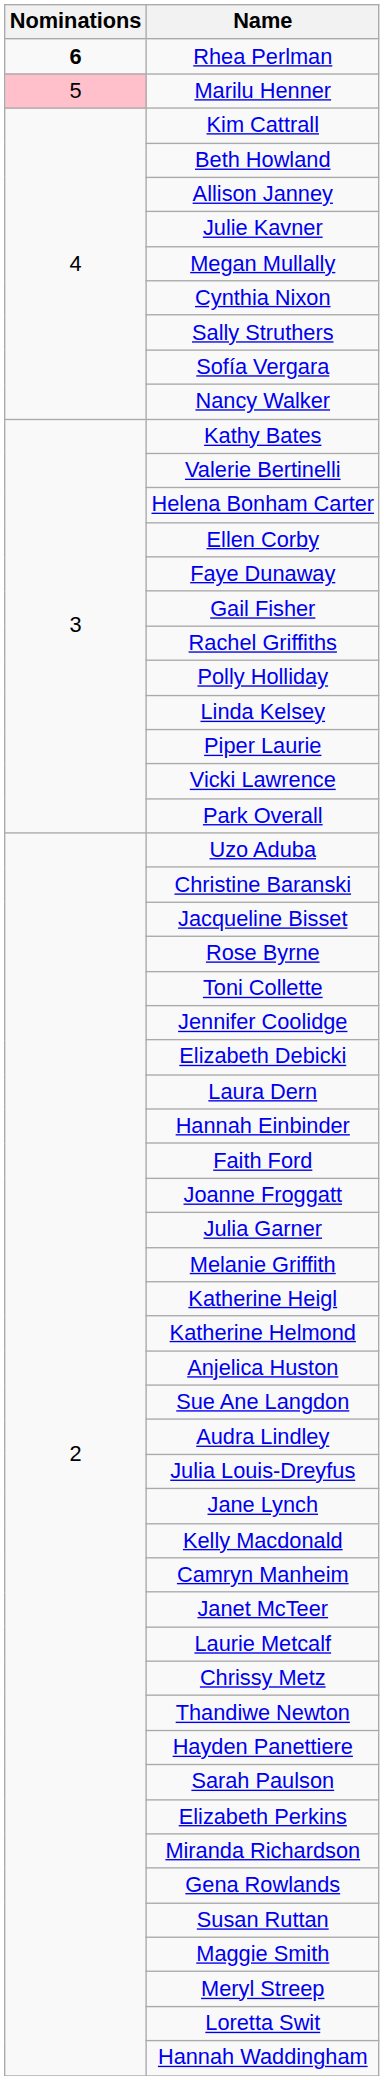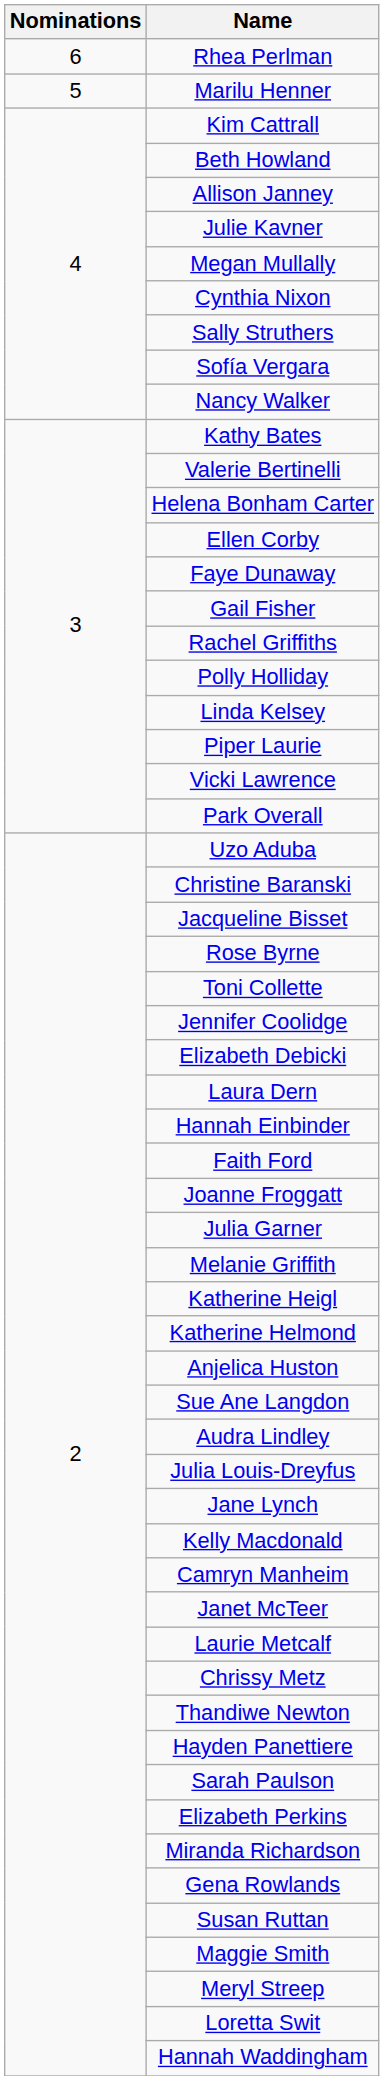 <table class="wikitable sortable" style="text-align: center;">
 <tr>
 <th scope="col" width="55">Nominations</th>
 <th scope="col" align="center">Name</th>
 </tr>
 <tr>
-<td><strong>6</strong></td>
+<td>6</td>
 <td><a href='#'>Rhea Perlman</a></td>
 </tr>
 <tr>
-<td style="background: pink;">5</td>
+<td>5</td>
 <td><a href='#'>Marilu Henner</a></td>
 </tr>
 <tr>
 <td rowspan="9">4</td>
 <td><a href='#'>Kim Cattrall</a></td>
 </tr>
 <tr>
 <td><a href='#'>Beth Howland</a></td>
 </tr>
 <tr>
 <td><a href='#'>Allison Janney</a></td>
 </tr>
 <tr>
 <td><a href='#'>Julie Kavner</a></td>
 </tr>
 <tr>
 <td><a href='#'>Megan Mullally</a></td>
 </tr>
 <tr>
 <td><a href='#'>Cynthia Nixon</a></td>
 </tr>
 <tr>
 <td><a href='#'>Sally Struthers</a></td>
 </tr>
 <tr>
 <td><a href='#'>Sofía Vergara</a></td>
 </tr>
 <tr>
 <td><a href='#'>Nancy Walker</a></td>
 </tr>
 <tr>
 <td rowspan="12">3</td>
 <td><a href='#'>Kathy Bates</a></td>
 </tr>
 <tr>
 <td><a href='#'>Valerie Bertinelli</a></td>
 </tr>
 <tr>
 <td><a href='#'>Helena Bonham Carter</a></td>
 </tr>
 <tr>
 <td><a href='#'>Ellen Corby</a></td>
 </tr>
 <tr>
 <td><a href='#'>Faye Dunaway</a></td>
 </tr>
 <tr>
 <td><a href='#'>Gail Fisher</a></td>
 </tr>
 <tr>
 <td><a href='#'>Rachel Griffiths</a></td>
 </tr>
 <tr>
 <td><a href='#'>Polly Holliday</a></td>
 </tr>
 <tr>
 <td><a href='#'>Linda Kelsey</a></td>
 </tr>
 <tr>
 <td><a href='#'>Piper Laurie</a></td>
 </tr>
 <tr>
 <td><a href='#'>Vicki Lawrence</a></td>
 </tr>
 <tr>
 <td><a href='#'>Park Overall</a></td>
 </tr>
 <tr>
 <td rowspan="36">2</td>
 <td><a href='#'>Uzo Aduba</a></td>
 </tr>
 <tr>
 <td><a href='#'>Christine Baranski</a></td>
 </tr>
 <tr>
 <td><a href='#'>Jacqueline Bisset</a></td>
 </tr>
 <tr>
 <td><a href='#'>Rose Byrne</a></td>
 </tr>
 <tr>
 <td><a href='#'>Toni Collette</a></td>
 </tr>
 <tr>
 <td><a href='#'>Jennifer Coolidge</a></td>
 </tr>
 <tr>
 <td><a href='#'>Elizabeth Debicki</a></td>
 </tr>
 <tr>
 <td><a href='#'>Laura Dern</a></td>
 </tr>
 <tr>
 <td><a href='#'>Hannah Einbinder</a></td>
 </tr>
 <tr>
 <td><a href='#'>Faith Ford</a></td>
 </tr>
 <tr>
 <td><a href='#'>Joanne Froggatt</a></td>
 </tr>
 <tr>
 <td><a href='#'>Julia Garner</a></td>
 </tr>
 <tr>
 <td><a href='#'>Melanie Griffith</a></td>
 </tr>
 <tr>
 <td><a href='#'>Katherine Heigl</a></td>
 </tr>
 <tr>
 <td><a href='#'>Katherine Helmond</a></td>
 </tr>
 <tr>
 <td><a href='#'>Anjelica Huston</a></td>
 </tr>
 <tr>
 <td><a href='#'>Sue Ane Langdon</a></td>
 </tr>
 <tr>
 <td><a href='#'>Audra Lindley</a></td>
 </tr>
 <tr>
 <td><a href='#'>Julia Louis-Dreyfus</a></td>
 </tr>
 <tr>
 <td><a href='#'>Jane Lynch</a></td>
 </tr>
 <tr>
 <td><a href='#'>Kelly Macdonald</a></td>
 </tr>
 <tr>
 <td><a href='#'>Camryn Manheim</a></td>
 </tr>
 <tr>
 <td><a href='#'>Janet McTeer</a></td>
 </tr>
 <tr>
 <td><a href='#'>Laurie Metcalf</a></td>
 </tr>
 <tr>
 <td><a href='#'>Chrissy Metz</a></td>
 </tr>
 <tr>
 <td><a href='#'>Thandiwe Newton</a></td>
 </tr>
 <tr>
 <td><a href='#'>Hayden Panettiere</a></td>
 </tr>
 <tr>
 <td><a href='#'>Sarah Paulson</a></td>
 </tr>
 <tr>
 <td><a href='#'>Elizabeth Perkins</a></td>
 </tr>
 <tr>
 <td><a href='#'>Miranda Richardson</a></td>
 </tr>
 <tr>
 <td><a href='#'>Gena Rowlands</a></td>
 </tr>
 <tr>
 <td><a href='#'>Susan Ruttan</a></td>
 </tr>
 <tr>
 <td><a href='#'>Maggie Smith</a></td>
 </tr>
 <tr>
 <td><a href='#'>Meryl Streep</a></td>
 </tr>
 <tr>
 <td><a href='#'>Loretta Swit</a></td>
 </tr>
 <tr>
 <td><a href='#'>Hannah Waddingham</a></td>
 </tr>
 </table>
